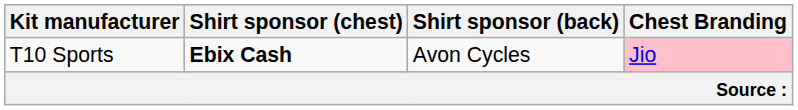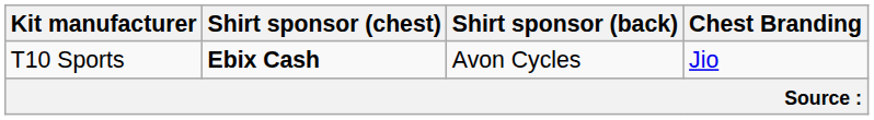 <table class="wikitable"  style="font-size:85%;">
 <tr>
 <th>Kit manufacturer</th>
 <th>Shirt sponsor (chest)</th>
 <th>Shirt sponsor (back)</th>
 <th>Chest Branding</th>
 </tr>
 <tr>
 <td>T10 Sports</td>
 <td><strong>Ebix Cash</strong></td>
 <td>Avon Cycles</td>
-<td style="background: pink;"><a href='#'>Jio</a></td>
+<td><a href='#'>Jio</a></td>
 </tr>
 <tr>
 <th colspan="4" style="text-align:right;"><small> Source :</small></th>
 </tr>
 </table>
